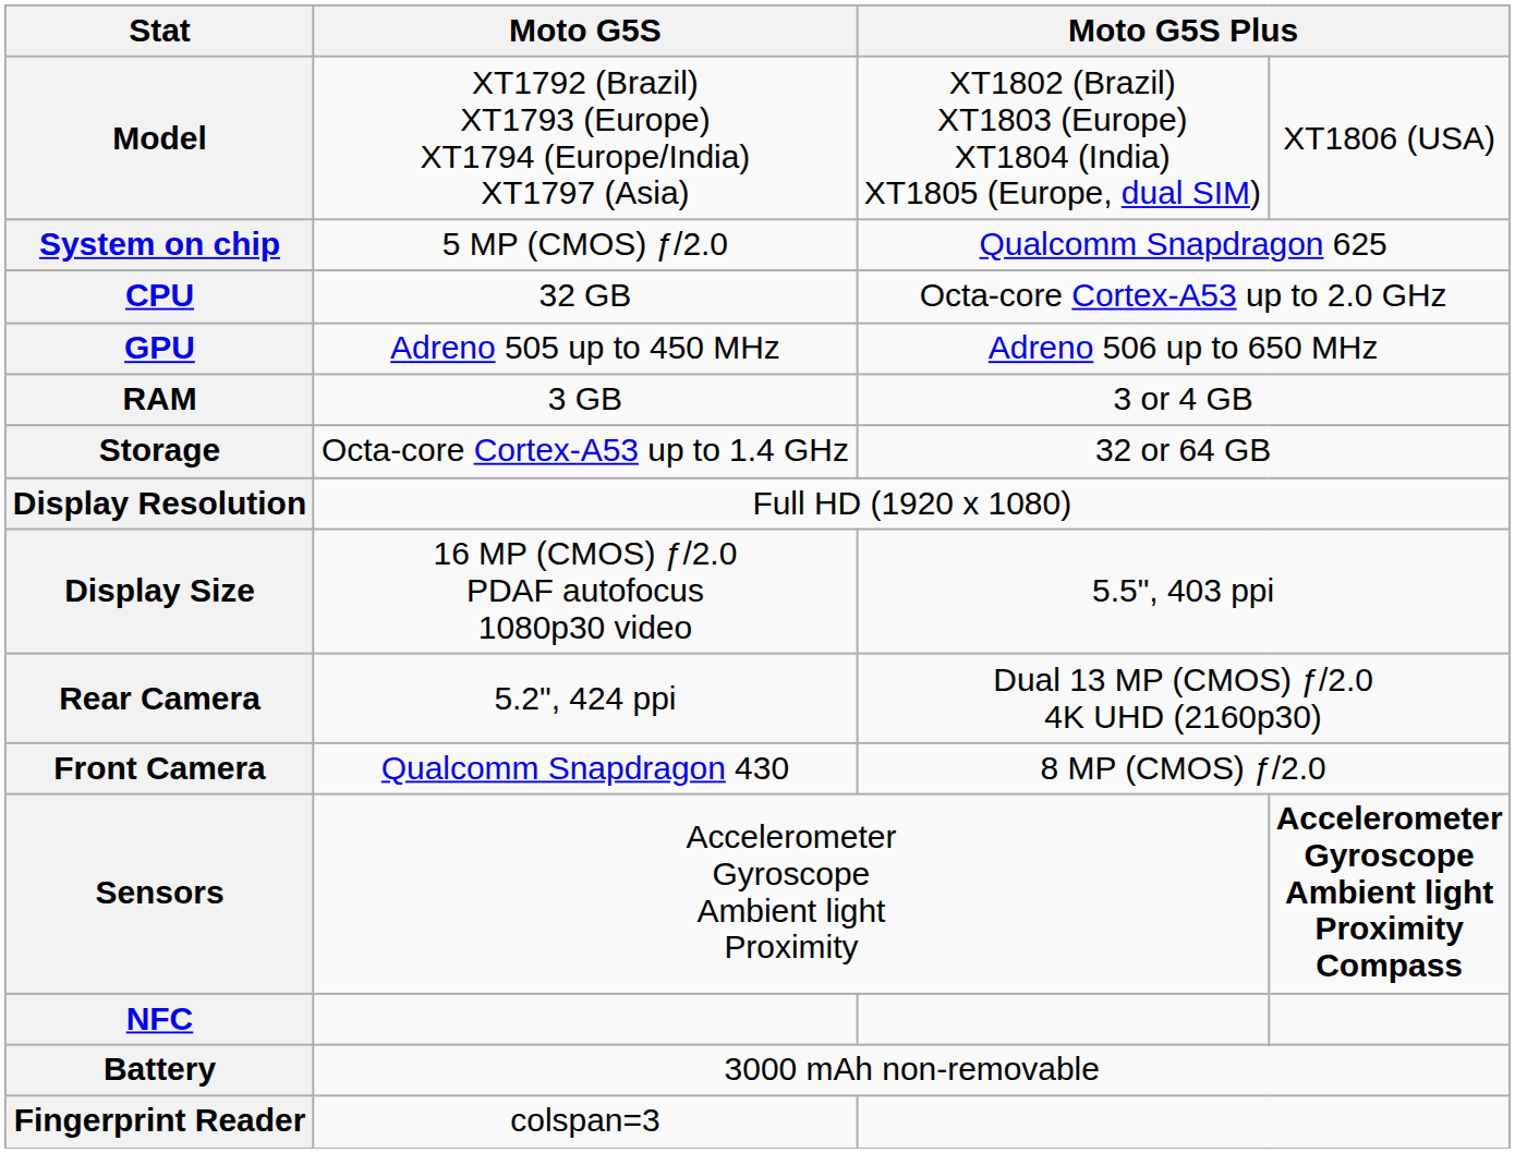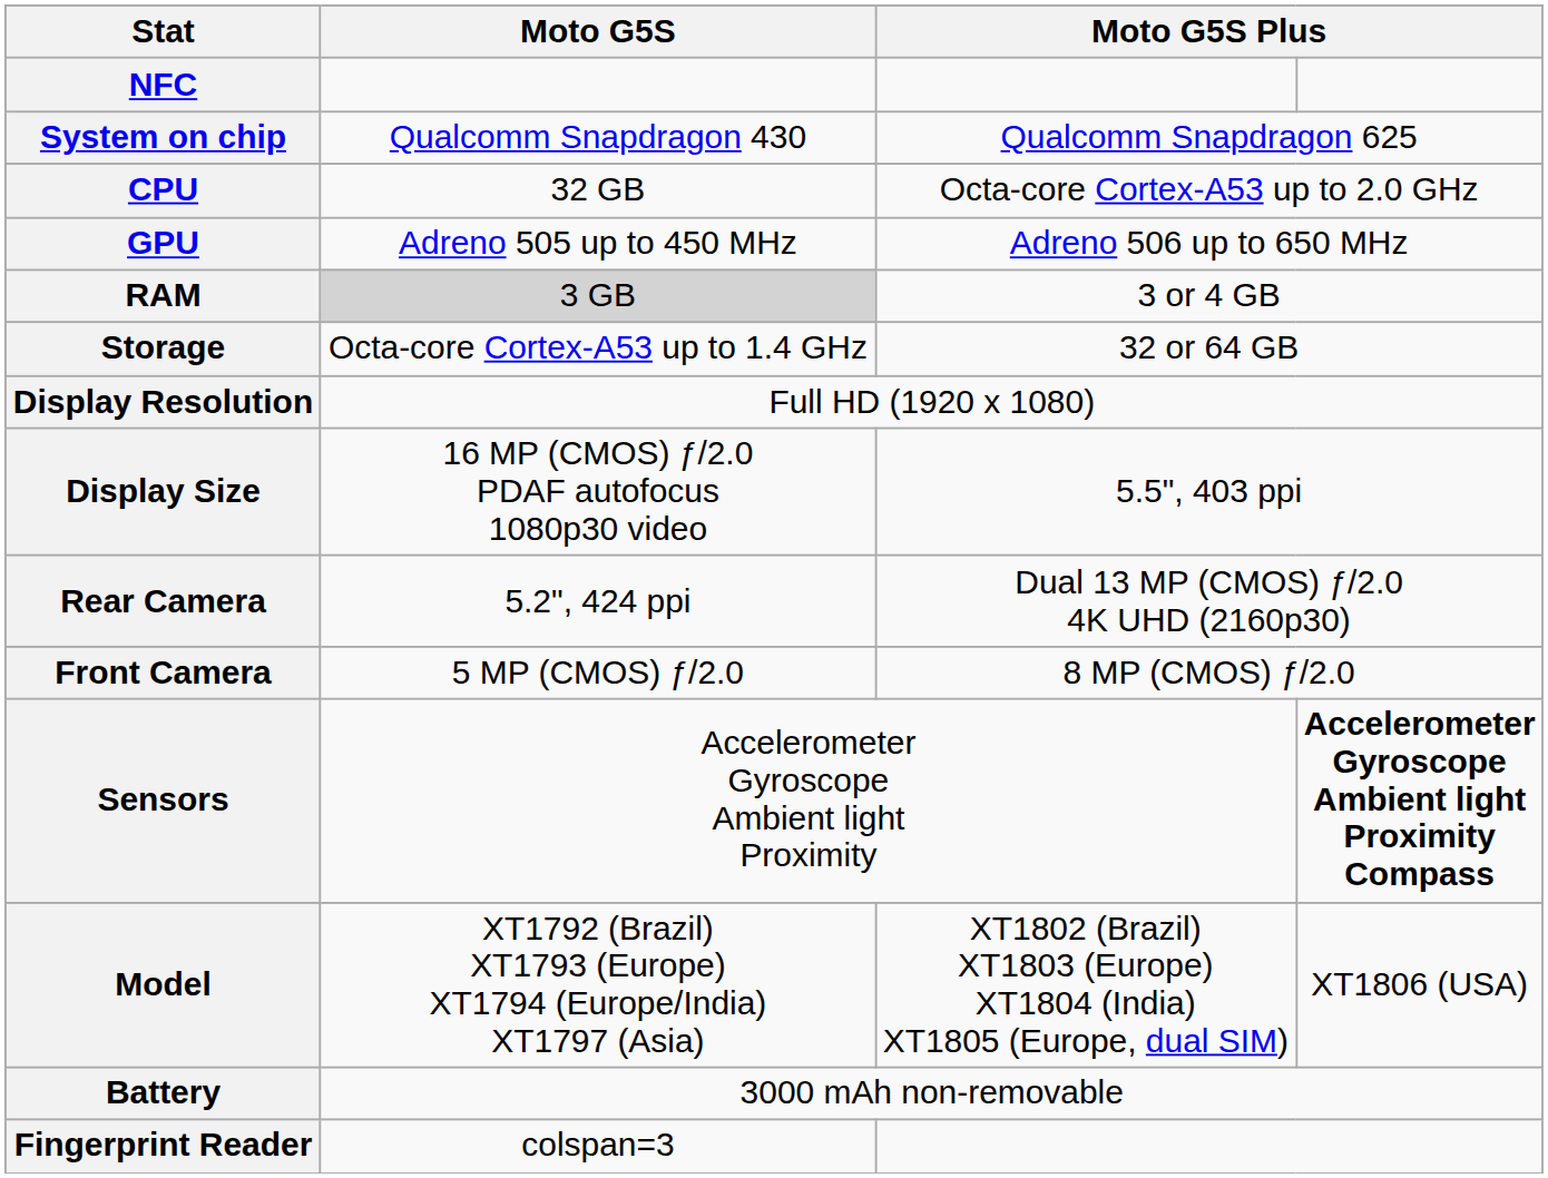 <table class="wikitable" style="text-align: center">
 <tr>
 <th>Stat</th>
 <th>Moto G5S</th>
 <th colspan=2>Moto G5S Plus</th>
 </tr>
 <tr>
-<th>Model</th>
-<td>XT1792 (Brazil)<br>XT1793 (Europe)<br>XT1794 (Europe/India)<br>XT1797 (Asia)</td>
-<td>XT1802 (Brazil)<br>XT1803 (Europe)<br>XT1804 (India)<br>XT1805 (Europe, <a href='#'>dual SIM</a>)</td>
-<td>XT1806 (USA)</td>
+<th><a href='#'>NFC</a></th>
+<td></td>
+<td></td>
+<td></td>
 </tr>
 <tr>
 <th><a href='#'>System on chip</a></th>
-<td>5 MP (CMOS) ƒ/2.0</td>
+<td><a href='#'>Qualcomm Snapdragon</a> 430</td>
 <td colspan=2><a href='#'>Qualcomm Snapdragon</a> 625</td>
 </tr>
 <tr>
 <th><a href='#'>CPU</a></th>
 <td>32 GB</td>
 <td colspan=2>Octa-core <a href='#'>Cortex-A53</a> up to 2.0 GHz</td>
 </tr>
 <tr>
 <th><a href='#'>GPU</a></th>
 <td><a href='#'>Adreno</a> 505 up to 450 MHz</td>
 <td colspan=2><a href='#'>Adreno</a> 506 up to 650 MHz</td>
 </tr>
 <tr>
 <th>RAM</th>
-<td>3 GB</td>
+<td style="background: lightgrey;">3 GB</td>
 <td colspan=2>3 or 4 GB</td>
 </tr>
 <tr>
 <th>Storage</th>
 <td>Octa-core <a href='#'>Cortex-A53</a> up to 1.4 GHz</td>
 <td colspan=2>32 or 64 GB</td>
 </tr>
 <tr>
 <th>Display Resolution</th>
 <td colspan=3>Full HD (1920 x 1080)</td>
 </tr>
 <tr>
 <th>Display Size</th>
 <td>16 MP (CMOS) ƒ/2.0<br>PDAF autofocus<br>1080p30 video</td>
 <td colspan=2>5.5", 403 ppi</td>
 </tr>
 <tr>
 <th>Rear Camera</th>
 <td>5.2", 424 ppi</td>
 <td colspan=2>Dual 13 MP (CMOS) ƒ/2.0<br>4K UHD (2160p30) </td>
 </tr>
 <tr>
 <th>Front Camera</th>
-<td><a href='#'>Qualcomm Snapdragon</a> 430</td>
+<td>5 MP (CMOS) ƒ/2.0</td>
 <td colspan=2>8 MP (CMOS) ƒ/2.0</td>
 </tr>
 <tr>
 <th>Sensors</th>
 <td colspan=2>Accelerometer<br>Gyroscope<br>Ambient light<br>Proximity</td>
 <td><strong>Accelerometer<br>Gyroscope<br>Ambient light<br>Proximity<br>Compass</strong></td>
 </tr>
 <tr>
-<th><a href='#'>NFC</a></th>
-<td></td>
-<td></td>
-<td></td>
+<th>Model</th>
+<td>XT1792 (Brazil)<br>XT1793 (Europe)<br>XT1794 (Europe/India)<br>XT1797 (Asia)</td>
+<td>XT1802 (Brazil)<br>XT1803 (Europe)<br>XT1804 (India)<br>XT1805 (Europe, <a href='#'>dual SIM</a>)</td>
+<td>XT1806 (USA)</td>
 </tr>
 <tr>
 <th>Battery</th>
 <td colspan=3>3000 mAh non-removable</td>
 </tr>
 <tr>
 <th>Fingerprint Reader</th>
 <td>colspan=3 </td>
 </tr>
 </table>
